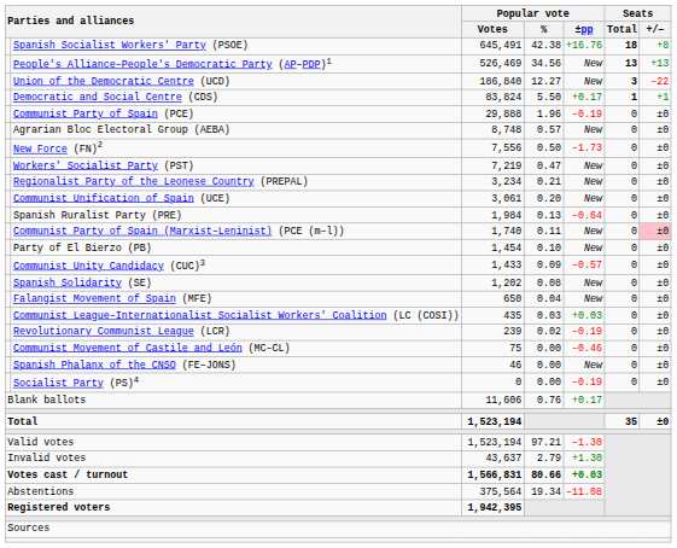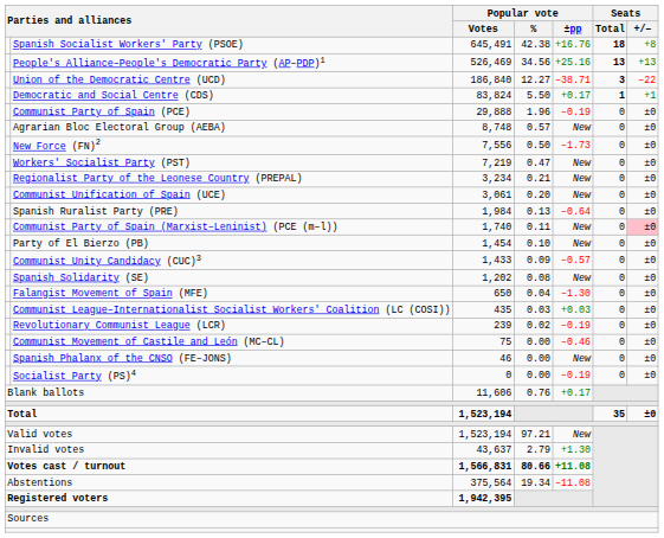 <table class="wikitable" style="text-align:right;">
 <tr>
 <th style="text-align:left;" rowspan="2" colspan="2" width="525">Parties and alliances</th>
 <th colspan="3">Popular vote</th>
 <th colspan="2">Seats</th>
 </tr>
 <tr>
 <th width="75">Votes</th>
 <th width="45">%</th>
 <th width="45">±<a href='#'>pp</a></th>
 <th width="35">Total</th>
 <th width="35">+/−</th>
 </tr>
 <tr>
 <td width="1" style="color:inherit;background:"></td>
 <td align="left"><a href='#'>Spanish Socialist Workers' Party</a> (PSOE)</td>
 <td>645,491</td>
 <td>42.38</td>
 <td style="color:green;">+16.76</td>
 <td><strong>18</strong></td>
 <td style="color:green;">+8</td>
 </tr>
 <tr>
 <td style="color:inherit;background:"></td>
 <td align="left"><a href='#'>People's Alliance–People's Democratic Party</a> (<a href='#'>AP</a>–<a href='#'>PDP</a>)<sup>1</sup></td>
 <td>526,469</td>
 <td>34.56</td>
-<td><em>New</em></td>
+<td style="color:green;">+25.16</td>
 <td><strong>13</strong></td>
 <td style="color:green;">+13</td>
 </tr>
 <tr>
 <td style="color:inherit;background:"></td>
 <td align="left"><a href='#'>Union of the Democratic Centre</a> (UCD)</td>
 <td>186,840</td>
 <td>12.27</td>
-<td><em>New</em></td>
+<td style="color:red;">–38.71</td>
 <td><strong>3</strong></td>
 <td style="color:red;">–22</td>
 </tr>
 <tr>
 <td style="color:inherit;background:"></td>
 <td align="left"><a href='#'>Democratic and Social Centre</a> (CDS)</td>
 <td>83,824</td>
 <td>5.50</td>
 <td style="color:green;">+0.17</td>
 <td><strong>1</strong></td>
 <td style="color:green;">+1</td>
 </tr>
 <tr>
 <td style="color:inherit;background:"></td>
 <td align="left"><a href='#'>Communist Party of Spain</a> (PCE)</td>
 <td>29,888</td>
 <td>1.96</td>
 <td style="color:red;">–0.19</td>
 <td>0</td>
 <td>±0</td>
 </tr>
 <tr>
 <td style="color:inherit;background:"></td>
 <td align="left">Agrarian Bloc Electoral Group (AEBA)</td>
 <td>8,748</td>
 <td>0.57</td>
 <td><em>New</em></td>
 <td>0</td>
 <td>±0</td>
 </tr>
 <tr>
 <td style="color:inherit;background:"></td>
 <td align="left"><a href='#'>New Force</a> (FN)<sup>2</sup></td>
 <td>7,556</td>
 <td>0.50</td>
 <td style="color:red;">–1.73</td>
 <td>0</td>
 <td>±0</td>
 </tr>
 <tr>
 <td style="color:inherit;background:"></td>
 <td align="left"><a href='#'>Workers' Socialist Party</a> (PST)</td>
 <td>7,219</td>
 <td>0.47</td>
 <td><em>New</em></td>
 <td>0</td>
 <td>±0</td>
 </tr>
 <tr>
 <td style="color:inherit;background:"></td>
 <td align="left"><a href='#'>Regionalist Party of the Leonese Country</a> (PREPAL)</td>
 <td>3,234</td>
 <td>0.21</td>
 <td><em>New</em></td>
 <td>0</td>
 <td>±0</td>
 </tr>
 <tr>
 <td style="color:inherit;background:"></td>
 <td align="left"><a href='#'>Communist Unification of Spain</a> (UCE)</td>
 <td>3,061</td>
 <td>0.20</td>
 <td><em>New</em></td>
 <td>0</td>
 <td>±0</td>
 </tr>
 <tr>
 <td style="color:inherit;background:"></td>
 <td align="left">Spanish Ruralist Party (PRE)</td>
 <td>1,984</td>
 <td>0.13</td>
 <td style="color:red;">–0.64</td>
 <td>0</td>
 <td>±0</td>
 </tr>
 <tr>
 <td style="color:inherit;background:"></td>
 <td align="left"><a href='#'>Communist Party of Spain (Marxist–Leninist)</a> (PCE (m–l))</td>
 <td>1,740</td>
 <td>0.11</td>
 <td><em>New</em></td>
 <td>0</td>
 <td style="background: pink;">±0</td>
 </tr>
 <tr>
 <td style="color:inherit;background:"></td>
 <td align="left">Party of El Bierzo (PB)</td>
 <td>1,454</td>
 <td>0.10</td>
 <td><em>New</em></td>
 <td>0</td>
 <td>±0</td>
 </tr>
 <tr>
 <td style="color:inherit;background:"></td>
 <td align="left"><a href='#'>Communist Unity Candidacy</a> (CUC)<sup>3</sup></td>
 <td>1,433</td>
 <td>0.09</td>
 <td style="color:red;">–0.57</td>
 <td>0</td>
 <td>±0</td>
 </tr>
 <tr>
 <td style="color:inherit;background:"></td>
 <td align="left"><a href='#'>Spanish Solidarity</a> (SE)</td>
 <td>1,202</td>
 <td>0.08</td>
 <td><em>New</em></td>
 <td>0</td>
 <td>±0</td>
 </tr>
 <tr>
 <td style="color:inherit;background:"></td>
 <td align="left"><a href='#'>Falangist Movement of Spain</a> (MFE)</td>
 <td>650</td>
 <td>0.04</td>
-<td><em>New</em></td>
+<td style="color:red;">–1.30</td>
 <td>0</td>
 <td>±0</td>
 </tr>
 <tr>
 <td style="color:inherit;background:"></td>
 <td align="left"><a href='#'>Communist League–Internationalist Socialist Workers' Coalition</a> (LC (COSI))</td>
 <td>435</td>
 <td>0.03</td>
 <td style="color:green;">+0.03</td>
 <td>0</td>
 <td>±0</td>
 </tr>
 <tr>
 <td style="color:inherit;background:"></td>
 <td align="left"><a href='#'>Revolutionary Communist League</a> (LCR)</td>
 <td>239</td>
 <td>0.02</td>
 <td style="color:red;">–0.19</td>
 <td>0</td>
 <td>±0</td>
 </tr>
 <tr>
 <td style="color:inherit;background:"></td>
 <td align="left"><a href='#'>Communist Movement of Castile and León</a> (MC–CL)</td>
 <td>75</td>
 <td>0.00</td>
 <td style="color:red;">–0.46</td>
 <td>0</td>
 <td>±0</td>
 </tr>
 <tr>
 <td style="color:inherit;background:"></td>
 <td align="left"><a href='#'>Spanish Phalanx of the CNSO</a> (FE–JONS)</td>
 <td>46</td>
 <td>0.00</td>
 <td><em>New</em></td>
 <td>0</td>
 <td>±0</td>
 </tr>
 <tr>
 <td style="color:inherit;background:"></td>
 <td align="left"><a href='#'>Socialist Party</a> (PS)<sup>4</sup></td>
 <td>0</td>
 <td>0.00</td>
 <td style="color:red;">–0.19</td>
 <td>0</td>
 <td>±0</td>
 </tr>
 <tr>
 <td align="left" colspan="2">Blank ballots</td>
 <td>11,606</td>
 <td>0.76</td>
 <td style="color:green;">+0.17</td>
 <td bgcolor="#E9E9E9" colspan="2"></td>
 </tr>
 <tr>
 <td colspan="7" bgcolor="#E9E9E9"></td>
 </tr>
 <tr style="font-weight:bold;">
 <td align="left" colspan="2">Total</td>
 <td>1,523,194</td>
 <td bgcolor="#E9E9E9" colspan="2"></td>
 <td>35</td>
 <td>±0</td>
 </tr>
 <tr>
 <td colspan="7" bgcolor="#E9E9E9"></td>
 </tr>
 <tr>
 <td align="left" colspan="2">Valid votes</td>
 <td>1,523,194</td>
 <td>97.21</td>
-<td style="color:red;">–1.30</td>
+<td><em>New</em></td>
 <td bgcolor="#E9E9E9" colspan="2" rowspan="5"></td>
 </tr>
 <tr>
 <td align="left" colspan="2">Invalid votes</td>
 <td>43,637</td>
 <td>2.79</td>
 <td style="color:green;">+1.30</td>
 </tr>
 <tr style="font-weight:bold;">
 <td align="left" colspan="2">Votes cast / turnout</td>
 <td>1,566,831</td>
 <td>80.66</td>
-<td style="color:green;">+0.03</td>
+<td style="color:green;">+11.08</td>
 </tr>
 <tr>
 <td align="left" colspan="2">Abstentions</td>
 <td>375,564</td>
 <td>19.34</td>
 <td style="color:red;">–11.08</td>
 </tr>
 <tr style="font-weight:bold;">
 <td align="left" colspan="2">Registered voters</td>
 <td>1,942,395</td>
 <td bgcolor="#E9E9E9" colspan="2"></td>
 </tr>
 <tr>
 <td colspan="7" bgcolor="#E9E9E9"></td>
 </tr>
 <tr>
 <td align="left" colspan="7">Sources</td>
 </tr>
 <tr>
 <td colspan="7" style="text-align:left; max-width:790px;"></td>
 </tr>
 </table>
